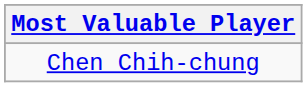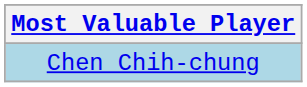 <table class=wikitable style="text-align:center; margin:auto">
 <tr>
 <th><a href='#'>Most Valuable Player</a></th>
 </tr>
 <tr>
-<td> <a href='#'>Chen Chih-chung</a></td>
+<td style="background: lightblue;"> <a href='#'>Chen Chih-chung</a></td>
 </tr>
 </table>
